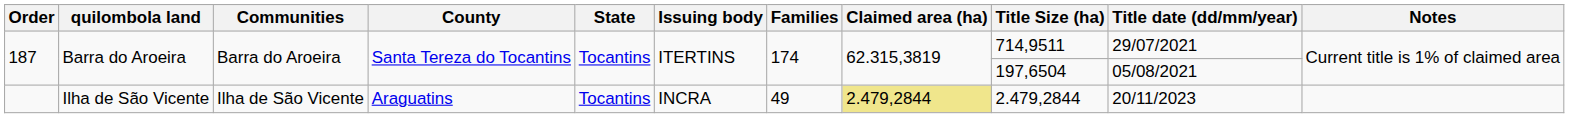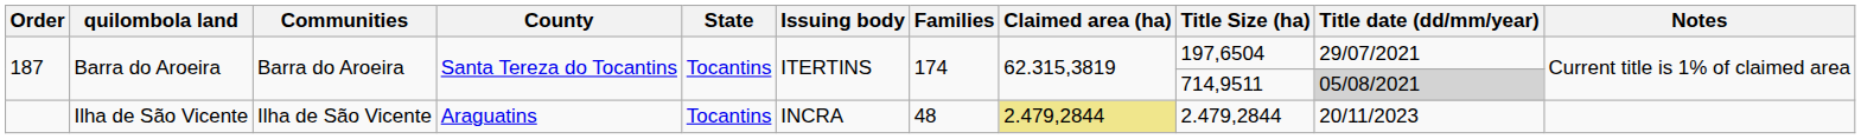 <table class="wikitable sortable">
 <tr>
 <th>Order</th>
 <th>quilombola land</th>
 <th>Communities</th>
 <th>County</th>
 <th>State</th>
 <th>Issuing body</th>
 <th>Families</th>
 <th>Claimed area (ha)</th>
 <th>Title Size (ha)</th>
 <th>Title date (dd/mm/year)</th>
 <th>Notes</th>
 </tr>
 <tr>
 <td rowspan="2">187</td>
 <td rowspan="2">Barra do Aroeira</td>
 <td rowspan="2">Barra do Aroeira</td>
 <td rowspan="2"><a href='#'>Santa Tereza do Tocantins</a></td>
 <td rowspan="2"><a href='#'>Tocantins</a></td>
 <td rowspan="2">ITERTINS</td>
 <td rowspan="2">174</td>
 <td rowspan="2">62.315,3819</td>
-<td>714,9511</td>
+<td>197,6504</td>
 <td>29/07/2021</td>
 <td rowspan="2">Current title is 1% of claimed area</td>
 </tr>
 <tr>
-<td>197,6504</td>
-<td>05/08/2021</td>
+<td>714,9511</td>
+<td style="background: lightgrey;">05/08/2021</td>
 </tr>
 <tr>
 <td></td>
 <td>Ilha de São Vicente</td>
 <td>Ilha de São Vicente</td>
 <td><a href='#'>Araguatins</a></td>
 <td><a href='#'>Tocantins</a></td>
 <td>INCRA</td>
-<td>49</td>
+<td>48</td>
 <td style="background: khaki;">2.479,2844</td>
 <td>2.479,2844</td>
 <td>20/11/2023</td>
 <td></td>
 </tr>
 </table>
